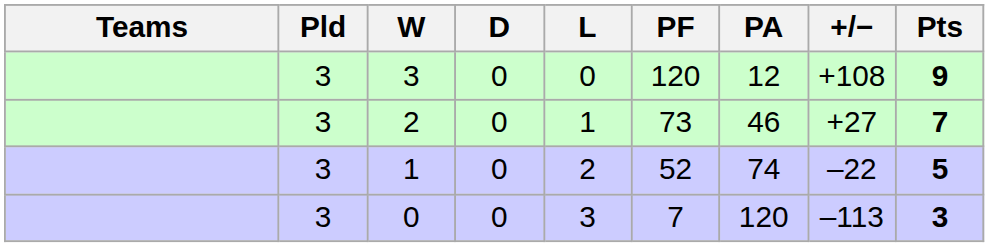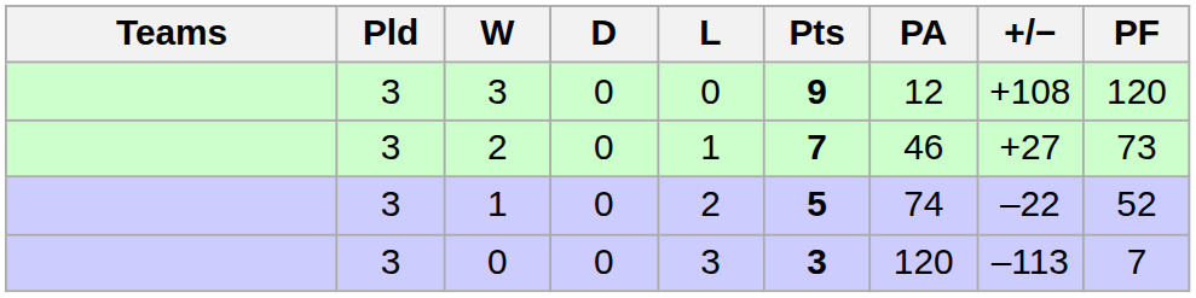 <table class="wikitable" style="text-align: center;">
 <tr>
 <th width="140">Teams</th>
 <th width="40">Pld</th>
 <th width="40">W</th>
 <th width="40">D</th>
 <th width="40">L</th>
-<th width="40">PF</th>
+<th width="40">Pts</th>
 <th width="40">PA</th>
 <th width="40">+/−</th>
-<th width="40">Pts</th>
+<th width="40">PF</th>
 </tr>
 <tr bgcolor=ccffcc>
 <td align=left></td>
 <td>3</td>
 <td>3</td>
 <td>0</td>
 <td>0</td>
-<td>120</td>
+<td><strong>9</strong></td>
 <td>12</td>
 <td>+108</td>
-<td><strong>9</strong></td>
+<td>120</td>
 </tr>
 <tr bgcolor=ccffcc>
 <td align=left></td>
 <td>3</td>
 <td>2</td>
 <td>0</td>
 <td>1</td>
-<td>73</td>
+<td><strong>7</strong></td>
 <td>46</td>
 <td>+27</td>
-<td><strong>7</strong></td>
+<td>73</td>
 </tr>
 <tr bgcolor=ccccff>
 <td align=left></td>
 <td>3</td>
 <td>1</td>
 <td>0</td>
 <td>2</td>
-<td>52</td>
+<td><strong>5</strong></td>
 <td>74</td>
 <td>–22</td>
-<td><strong>5</strong></td>
+<td>52</td>
 </tr>
 <tr bgcolor=ccccff>
 <td align=left></td>
 <td>3</td>
 <td>0</td>
 <td>0</td>
 <td>3</td>
-<td>7</td>
+<td><strong>3</strong></td>
 <td>120</td>
 <td>–113</td>
-<td><strong>3</strong></td>
+<td>7</td>
 </tr>
 </table>
